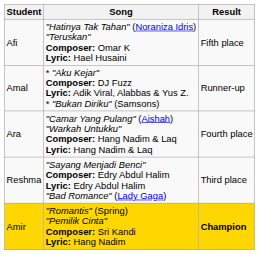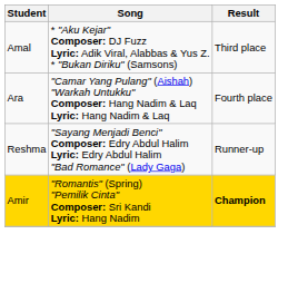 <table class="wikitable" style="font-size:90%;">
 <tr>
 <th>Student</th>
 <th>Song</th>
 <th>Result</th>
 </tr>
 <tr>
-<td>Afi</td>
-<td><em>"Hatinya Tak Tahan"</em> (<a href='#'>Noraniza Idris</a>) <br> <em>"Teruskan"</em> <br> <strong>Composer:</strong> Omar K <br> <strong>Lyric:</strong> Hael Husaini</td>
-<td>Fifth place</td>
-</tr>
-<tr>
 <td>Amal</td>
 <td>* <em>"Aku Kejar"</em> <br> <strong>Composer:</strong> DJ Fuzz <br> <strong>Lyric:</strong> Adik Viral, Alabbas & Yus Z. <br> * <em>"Bukan Diriku"</em> (Samsons)</td>
-<td>Runner-up</td>
+<td>Third place</td>
 </tr>
 <tr>
 <td>Ara</td>
 <td><em>"Camar Yang Pulang"</em> (<a href='#'>Aishah</a>) <br> <em>"Warkah Untukku"</em> <br> <strong>Composer:</strong> Hang Nadim & Laq <br> <strong>Lyric:</strong> Hang Nadim & Laq</td>
 <td>Fourth place</td>
 </tr>
 <tr>
 <td>Reshma</td>
 <td><em>"Sayang Menjadi Benci"</em> <br> <strong>Composer:</strong> Edry Abdul Halim <br> <strong>Lyric:</strong> Edry Abdul Halim <br> <em>"Bad Romance"</em> (<a href='#'>Lady Gaga</a>)</td>
-<td>Third place</td>
+<td>Runner-up</td>
 </tr>
 <tr style="background: gold;|">
 <td>Amir</td>
 <td><em>"Romantis"</em> (Spring) <br> <em>"Pemilik Cinta"</em> <br> <strong>Composer:</strong> Sri Kandi <br> <strong>Lyric:</strong> Hang Nadim</td>
 <td><strong>Champion</strong></td>
 </tr>
 <tr>
 </tr>
 </table>
